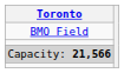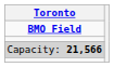 <table class="wikitable" style="margin:0.5em auto; text-align:center">
 <tr>
 <th><a href='#'>Toronto</a></th>
 <th rowspan="5"></th>
 </tr>
 <tr>
-<td><a href='#'>BMO Field</a></td>
+<td><strong><a href='#'>BMO Field</a></strong></td>
 </tr>
 <tr>
 <td><small></small></td>
 </tr>
 <tr>
 <td style="background: lightgrey;">Capacity: <strong>21,566</strong></td>
 </tr>
 <tr>
 <td></td>
 </tr>
 </table>
